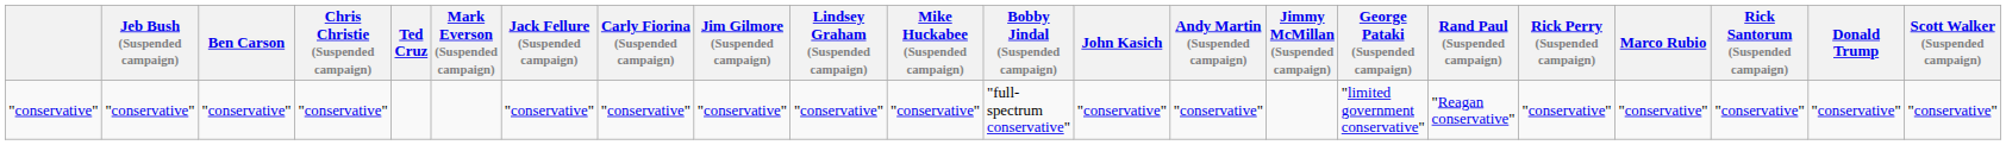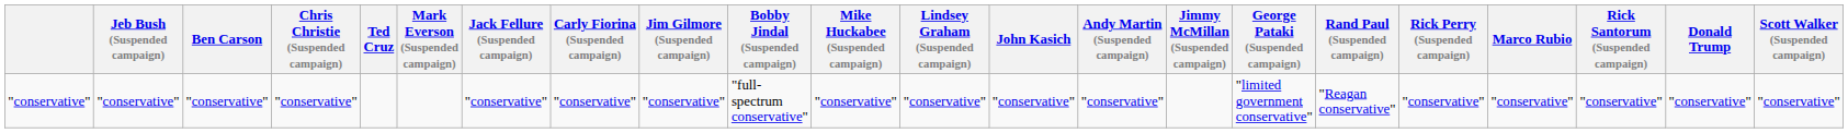 <table style="width:70%;" class="wikitable sortable">
 <tr>
 <th></th>
 <th style="color:gray;"><a href='#'>Jeb Bush</a> <small>(Suspended campaign)</small></th>
 <th><a href='#'>Ben Carson</a></th>
 <th style="color:gray;"><a href='#'>Chris Christie</a> <small>(Suspended campaign)</small></th>
 <th><a href='#'>Ted Cruz</a></th>
 <th style="color:gray;"><a href='#'>Mark Everson</a> <small>(Suspended campaign)</small></th>
 <th style="color:gray;"><a href='#'>Jack Fellure</a> <small>(Suspended campaign)</small></th>
 <th style="color:gray;"><a href='#'>Carly Fiorina</a> <small>(Suspended campaign)</small></th>
 <th style="color:gray;"><a href='#'>Jim Gilmore</a> <small>(Suspended campaign)</small></th>
+<th style="color:gray;"><a href='#'>Bobby Jindal</a> <small>(Suspended campaign)</small></th>
+<th style="color:gray;"><a href='#'>Mike Huckabee</a> <small>(Suspended campaign)</small></th>
 <th style="color:gray;"><a href='#'>Lindsey Graham</a> <small>(Suspended campaign)</small></th>
-<th style="color:gray;"><a href='#'>Mike Huckabee</a> <small>(Suspended campaign)</small></th>
-<th style="color:gray;"><a href='#'>Bobby Jindal</a> <small>(Suspended campaign)</small></th>
 <th><a href='#'>John Kasich</a></th>
 <th style="color:gray;"><a href='#'>Andy Martin</a> <small>(Suspended campaign)</small></th>
 <th style="color:gray;"><a href='#'>Jimmy McMillan</a> <small>(Suspended campaign)</small></th>
 <th style="color:gray;"><a href='#'>George Pataki</a> <small>(Suspended campaign)</small></th>
 <th style="color:gray;"><a href='#'>Rand Paul</a> <small>(Suspended campaign)</small></th>
 <th style="color:gray;"><a href='#'>Rick Perry</a> <small>(Suspended campaign)</small></th>
 <th><a href='#'>Marco Rubio</a></th>
 <th style="color:gray;"><a href='#'>Rick Santorum</a> <small>(Suspended campaign)</small></th>
 <th><a href='#'>Donald Trump</a></th>
 <th style="color:gray;"><a href='#'>Scott Walker</a> <small>(Suspended campaign)</small></th>
 </tr>
 <tr>
 <td>"<a href='#'>conservative</a>"</td>
 <td>"<a href='#'>conservative</a>"</td>
 <td>"<a href='#'>conservative</a>"</td>
 <td>"<a href='#'>conservative</a>"</td>
 <td></td>
 <td></td>
 <td>"<a href='#'>conservative</a>"</td>
 <td>"<a href='#'>conservative</a>"</td>
 <td>"<a href='#'>conservative</a>"</td>
+<td>"full-spectrum <a href='#'>conservative</a>"</td>
 <td>"<a href='#'>conservative</a>"</td>
 <td>"<a href='#'>conservative</a>"</td>
-<td>"full-spectrum <a href='#'>conservative</a>"</td>
 <td>"<a href='#'>conservative</a>"</td>
 <td>"<a href='#'>conservative</a>"</td>
 <td></td>
 <td>"<a href='#'>limited government</a> <a href='#'>conservative</a>"</td>
 <td>"<a href='#'>Reagan</a> <a href='#'>conservative</a>"</td>
 <td>"<a href='#'>conservative</a>"</td>
 <td>"<a href='#'>conservative</a>"</td>
 <td>"<a href='#'>conservative</a>"</td>
 <td>"<a href='#'>conservative</a>"</td>
 <td>"<a href='#'>conservative</a>"</td>
 </tr>
 </table>
